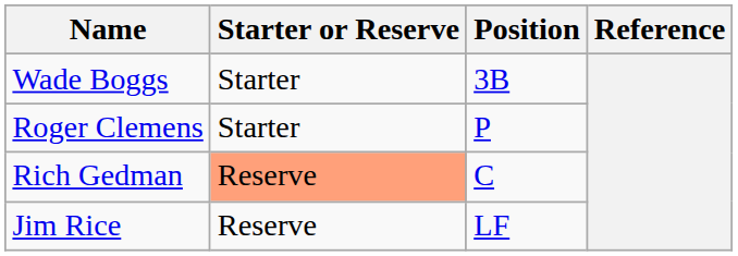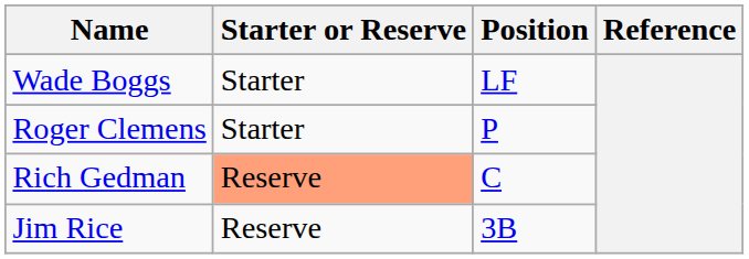 <table class="wikitable">
 <tr>
 <th>Name</th>
 <th>Starter or Reserve</th>
 <th>Position</th>
 <th>Reference</th>
 </tr>
 <tr>
 <td><a href='#'>Wade Boggs</a></td>
 <td>Starter</td>
-<td><a href='#'>3B</a></td>
+<td><a href='#'>LF</a></td>
 <th rowspan="4"></th>
 </tr>
 <tr>
 <td><a href='#'>Roger Clemens</a></td>
 <td>Starter</td>
 <td><a href='#'>P</a></td>
 </tr>
 <tr>
 <td><a href='#'>Rich Gedman</a></td>
 <td style="background: lightsalmon;">Reserve</td>
 <td><a href='#'>C</a></td>
 </tr>
 <tr>
 <td><a href='#'>Jim Rice</a></td>
 <td>Reserve</td>
-<td><a href='#'>LF</a></td>
+<td><a href='#'>3B</a></td>
 </tr>
 </table>
